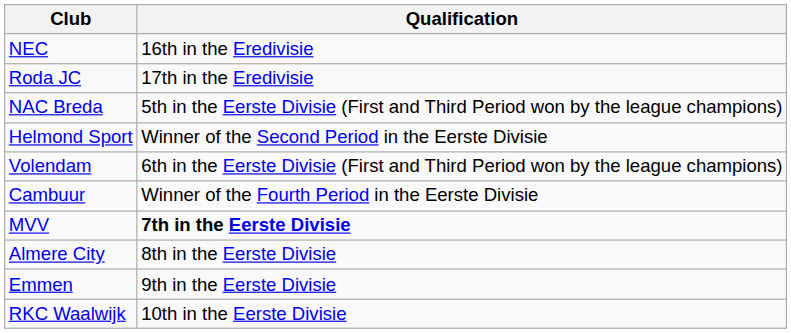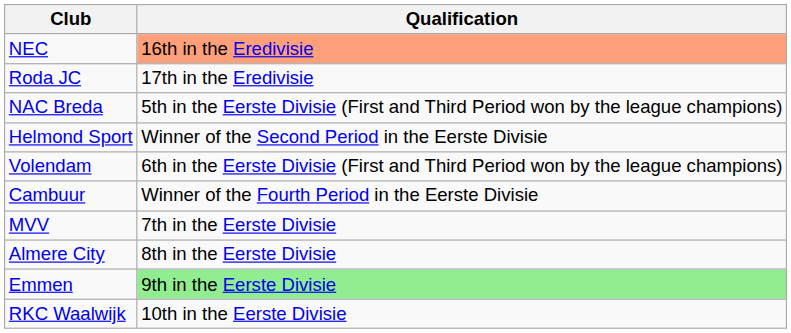 <table class="wikitable">
 <tr>
 <th>Club</th>
 <th>Qualification</th>
 </tr>
 <tr>
 <td><a href='#'>NEC</a></td>
-<td>16th in the <a href='#'>Eredivisie</a></td>
+<td style="background: lightsalmon;">16th in the <a href='#'>Eredivisie</a></td>
 </tr>
 <tr>
 <td><a href='#'>Roda JC</a></td>
 <td>17th in the <a href='#'>Eredivisie</a></td>
 </tr>
 <tr>
 <td><a href='#'>NAC Breda</a></td>
 <td>5th in the <a href='#'>Eerste Divisie</a> (First and Third Period won by the league champions)</td>
 </tr>
 <tr>
 <td><a href='#'>Helmond Sport</a></td>
 <td>Winner of the <a href='#'>Second Period</a> in the Eerste Divisie</td>
 </tr>
 <tr>
 <td><a href='#'>Volendam</a></td>
 <td>6th in the <a href='#'>Eerste Divisie</a> (First and Third Period won by the league champions)</td>
 </tr>
 <tr>
 <td><a href='#'>Cambuur</a></td>
 <td>Winner of the <a href='#'>Fourth Period</a> in the Eerste Divisie</td>
 </tr>
 <tr>
 <td><a href='#'>MVV</a></td>
-<td><strong>7th in the <a href='#'>Eerste Divisie</a></strong></td>
+<td>7th in the <a href='#'>Eerste Divisie</a></td>
 </tr>
 <tr>
 <td><a href='#'>Almere City</a></td>
 <td>8th in the <a href='#'>Eerste Divisie</a></td>
 </tr>
 <tr>
 <td><a href='#'>Emmen</a></td>
-<td>9th in the <a href='#'>Eerste Divisie</a></td>
+<td style="background: lightgreen;">9th in the <a href='#'>Eerste Divisie</a></td>
 </tr>
 <tr>
 <td><a href='#'>RKC Waalwijk</a></td>
 <td>10th in the <a href='#'>Eerste Divisie</a></td>
 </tr>
 </table>
